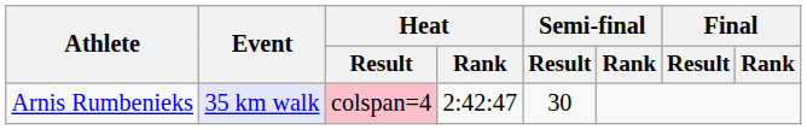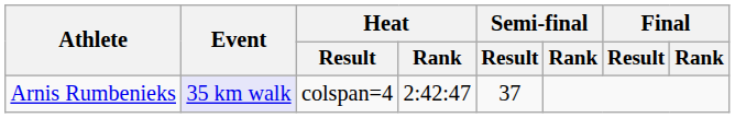 <table class="wikitable" style="font-size:90%">
 <tr>
 <th rowspan="2">Athlete</th>
 <th rowspan="2">Event</th>
 <th colspan="2">Heat</th>
 <th colspan="2">Semi-final</th>
 <th colspan="2">Final</th>
 </tr>
 <tr style="font-size:95%">
 <th>Result</th>
 <th>Rank</th>
 <th>Result</th>
 <th>Rank</th>
 <th>Result</th>
 <th>Rank</th>
 </tr>
 <tr align=center>
 <td align=left><a href='#'>Arnis Rumbenieks</a></td>
 <td align=left style="background: lavender;"><a href='#'>35 km walk</a></td>
-<td style="background: pink;">colspan=4 </td>
+<td>colspan=4 </td>
 <td>2:42:47</td>
-<td>30</td>
+<td>37</td>
 </tr>
 </table>
